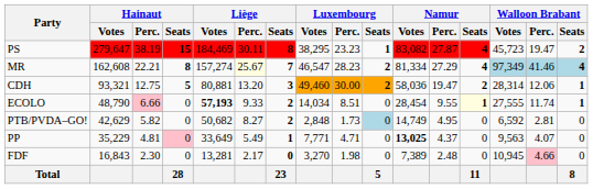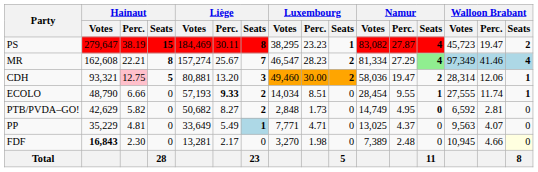 <table class="wikitable">
 <tr>
 <th rowspan=2>Party</th>
 <th colspan=3><a href='#'>Hainaut</a></th>
 <th colspan=3><a href='#'>Liège</a></th>
 <th colspan=3><a href='#'>Luxembourg</a></th>
 <th colspan=3><a href='#'>Namur</a></th>
 <th colspan=3><a href='#'>Walloon Brabant</a></th>
 </tr>
 <tr>
 <th>Votes</th>
 <th>Perc.</th>
 <th>Seats</th>
 <th>Votes</th>
 <th>Perc.</th>
 <th>Seats</th>
 <th>Votes</th>
 <th>Perc.</th>
 <th>Seats</th>
 <th>Votes</th>
 <th>Perc.</th>
 <th>Seats</th>
 <th>Votes</th>
 <th>Perc.</th>
 <th>Seats</th>
 </tr>
 <tr align="right">
 <td align="left">PS</td>
 <td bgcolor="red">279,647</td>
 <td bgcolor="red">38.19</td>
 <td bgcolor="red"><strong>15</strong></td>
 <td bgcolor="red">184,469</td>
 <td bgcolor="red">30.11</td>
 <td bgcolor="red"><strong>8</strong></td>
 <td>38,295</td>
 <td>23.23</td>
 <td><strong>1</strong></td>
 <td bgcolor="red">83,082</td>
 <td bgcolor="red">27.87</td>
 <td bgcolor="red"><strong>4</strong></td>
 <td>45,723</td>
 <td>19.47</td>
 <td><strong>2</strong></td>
 </tr>
 <tr align="right">
 <td align="left">MR</td>
 <td>162,608</td>
 <td>22.21</td>
 <td><strong>8</strong></td>
 <td>157,274</td>
-<td style="background: lightyellow;">25.67</td>
+<td>25.67</td>
 <td><strong>7</strong></td>
 <td>46,547</td>
 <td>28.23</td>
 <td><strong>2</strong></td>
 <td>81,334</td>
 <td>27.29</td>
-<td><strong>4</strong></td>
+<td style="background: lightgreen;"><strong>4</strong></td>
 <td bgcolor="lightblue">97,349</td>
 <td bgcolor="lightblue">41.46</td>
 <td bgcolor="lightblue"><strong>4</strong></td>
 </tr>
 <tr align="right">
 <td align="left">CDH</td>
 <td>93,321</td>
-<td>12.75</td>
+<td style="background: pink;">12.75</td>
 <td><strong>5</strong></td>
 <td>80,881</td>
 <td>13.20</td>
 <td><strong>3</strong></td>
 <td bgcolor="orange">49,460</td>
 <td bgcolor="orange">30.00</td>
 <td bgcolor="orange"><strong>2</strong></td>
 <td>58,036</td>
 <td>19.47</td>
 <td><strong>2</strong></td>
 <td>28,314</td>
 <td>12.06</td>
 <td><strong>1</strong></td>
 </tr>
 <tr align="right">
 <td align="left">ECOLO</td>
 <td>48,790</td>
-<td style="background: pink;">6.66</td>
+<td>6.66</td>
 <td>0</td>
-<td><strong>57,193</strong></td>
-<td>9.33</td>
+<td>57,193</td>
+<td><strong>9.33</strong></td>
 <td><strong>2</strong></td>
 <td>14,034</td>
 <td>8.51</td>
 <td>0</td>
 <td>28,454</td>
 <td>9.55</td>
-<td style="background: lightyellow;"><strong>1</strong></td>
+<td><strong>1</strong></td>
 <td>27,555</td>
 <td>11.74</td>
 <td><strong>1</strong></td>
 </tr>
 <tr align="right">
 <td align="left">PTB/PVDA–GO!</td>
 <td>42,629</td>
 <td>5.82</td>
 <td>0</td>
 <td>50,682</td>
 <td>8.27</td>
 <td><strong>2</strong></td>
 <td>2,848</td>
 <td>1.73</td>
-<td style="background: lightblue;">0</td>
+<td>0</td>
 <td>14,749</td>
 <td>4.95</td>
-<td>0</td>
+<td><strong>0</strong></td>
 <td>6,592</td>
 <td>2.81</td>
 <td>0</td>
 </tr>
 <tr align="right">
 <td align="left">PP</td>
 <td>35,229</td>
 <td>4.81</td>
-<td style="background: pink;">0</td>
+<td>0</td>
 <td>33,649</td>
 <td>5.49</td>
-<td><strong>1</strong></td>
+<td style="background: lightblue;"><strong>1</strong></td>
 <td>7,771</td>
 <td>4.71</td>
 <td>0</td>
-<td><strong>13,025</strong></td>
+<td>13,025</td>
 <td>4.37</td>
 <td>0</td>
 <td>9,563</td>
 <td>4.07</td>
 <td>0</td>
 </tr>
 <tr align="right">
 <td align="left">FDF</td>
-<td>16,843</td>
+<td><strong>16,843</strong></td>
 <td>2.30</td>
 <td>0</td>
 <td>13,281</td>
 <td>2.17</td>
-<td><strong>0</strong></td>
+<td>0</td>
 <td>3,270</td>
 <td>1.98</td>
 <td>0</td>
 <td>7,389</td>
 <td>2.48</td>
 <td>0</td>
 <td>10,945</td>
-<td style="background: pink;">4.66</td>
-<td>0</td>
+<td>4.66</td>
+<td style="background: lightyellow;">0</td>
 </tr>
 <tr align="right">
 <th>Total</th>
 <th></th>
 <th></th>
 <th>28</th>
 <th></th>
 <th></th>
 <th>23</th>
 <th></th>
 <th></th>
 <th>5</th>
 <th></th>
 <th></th>
 <th>11</th>
 <th></th>
 <th></th>
 <th>8</th>
 </tr>
 </table>
